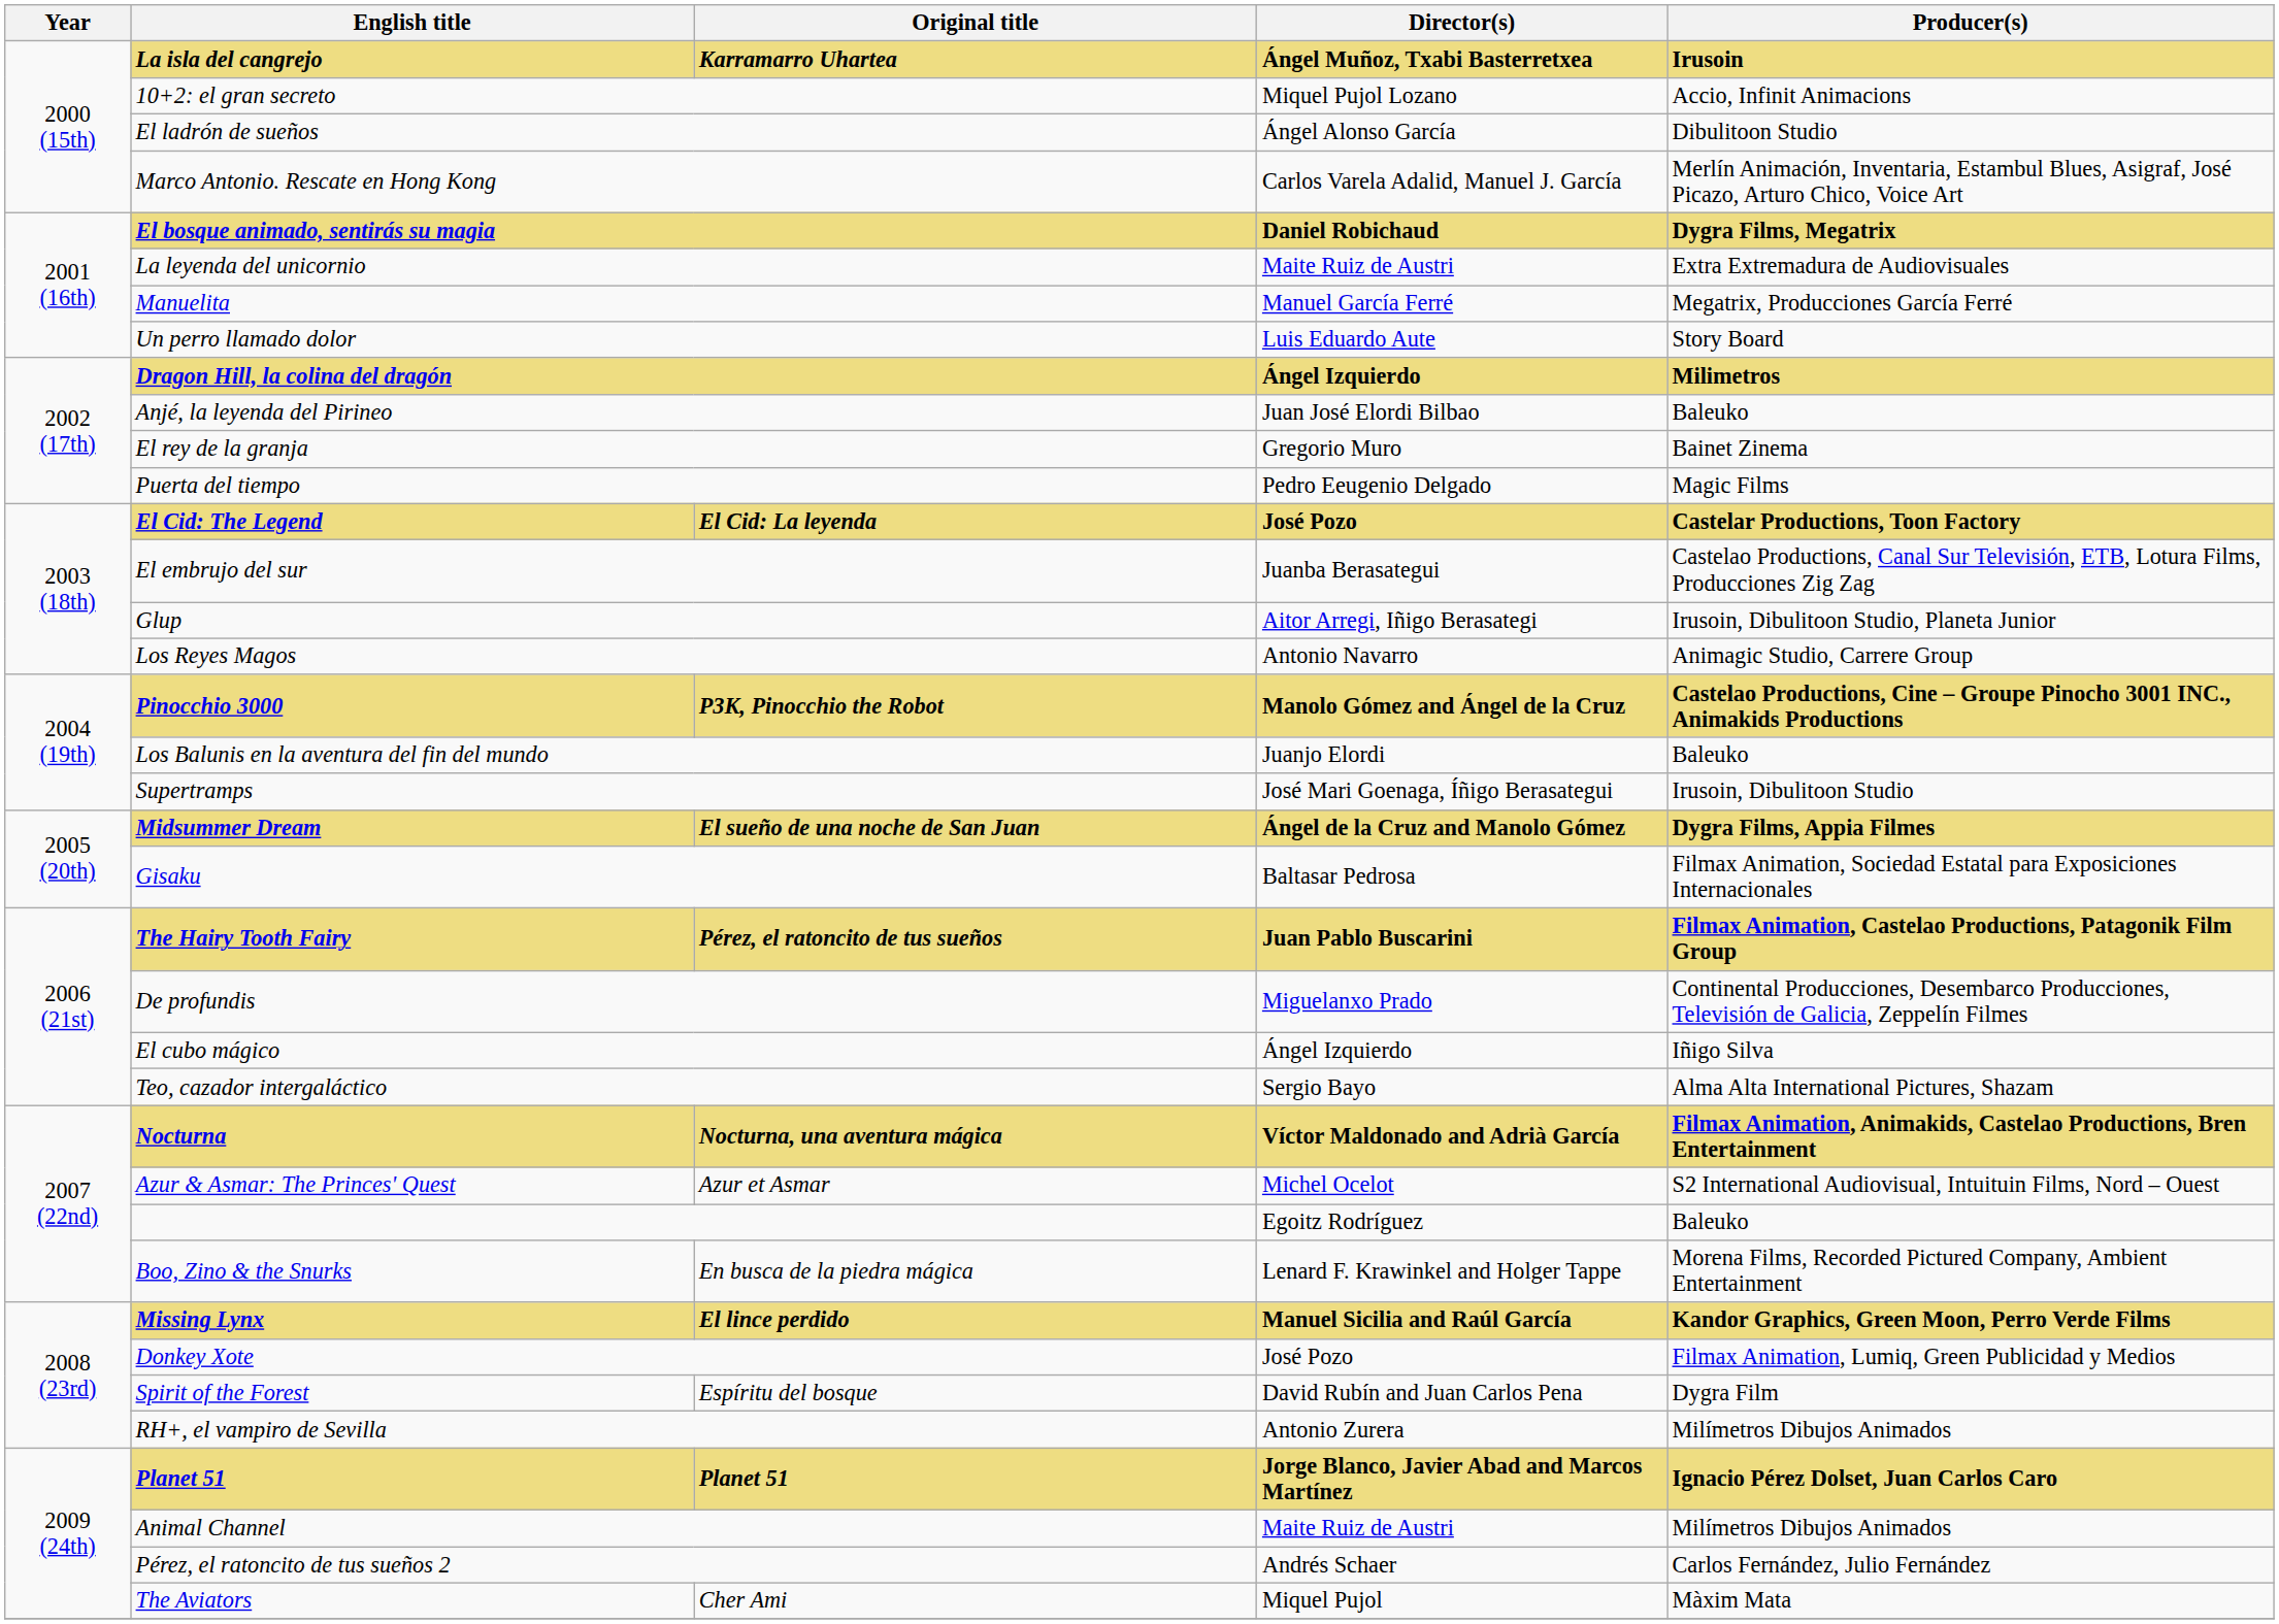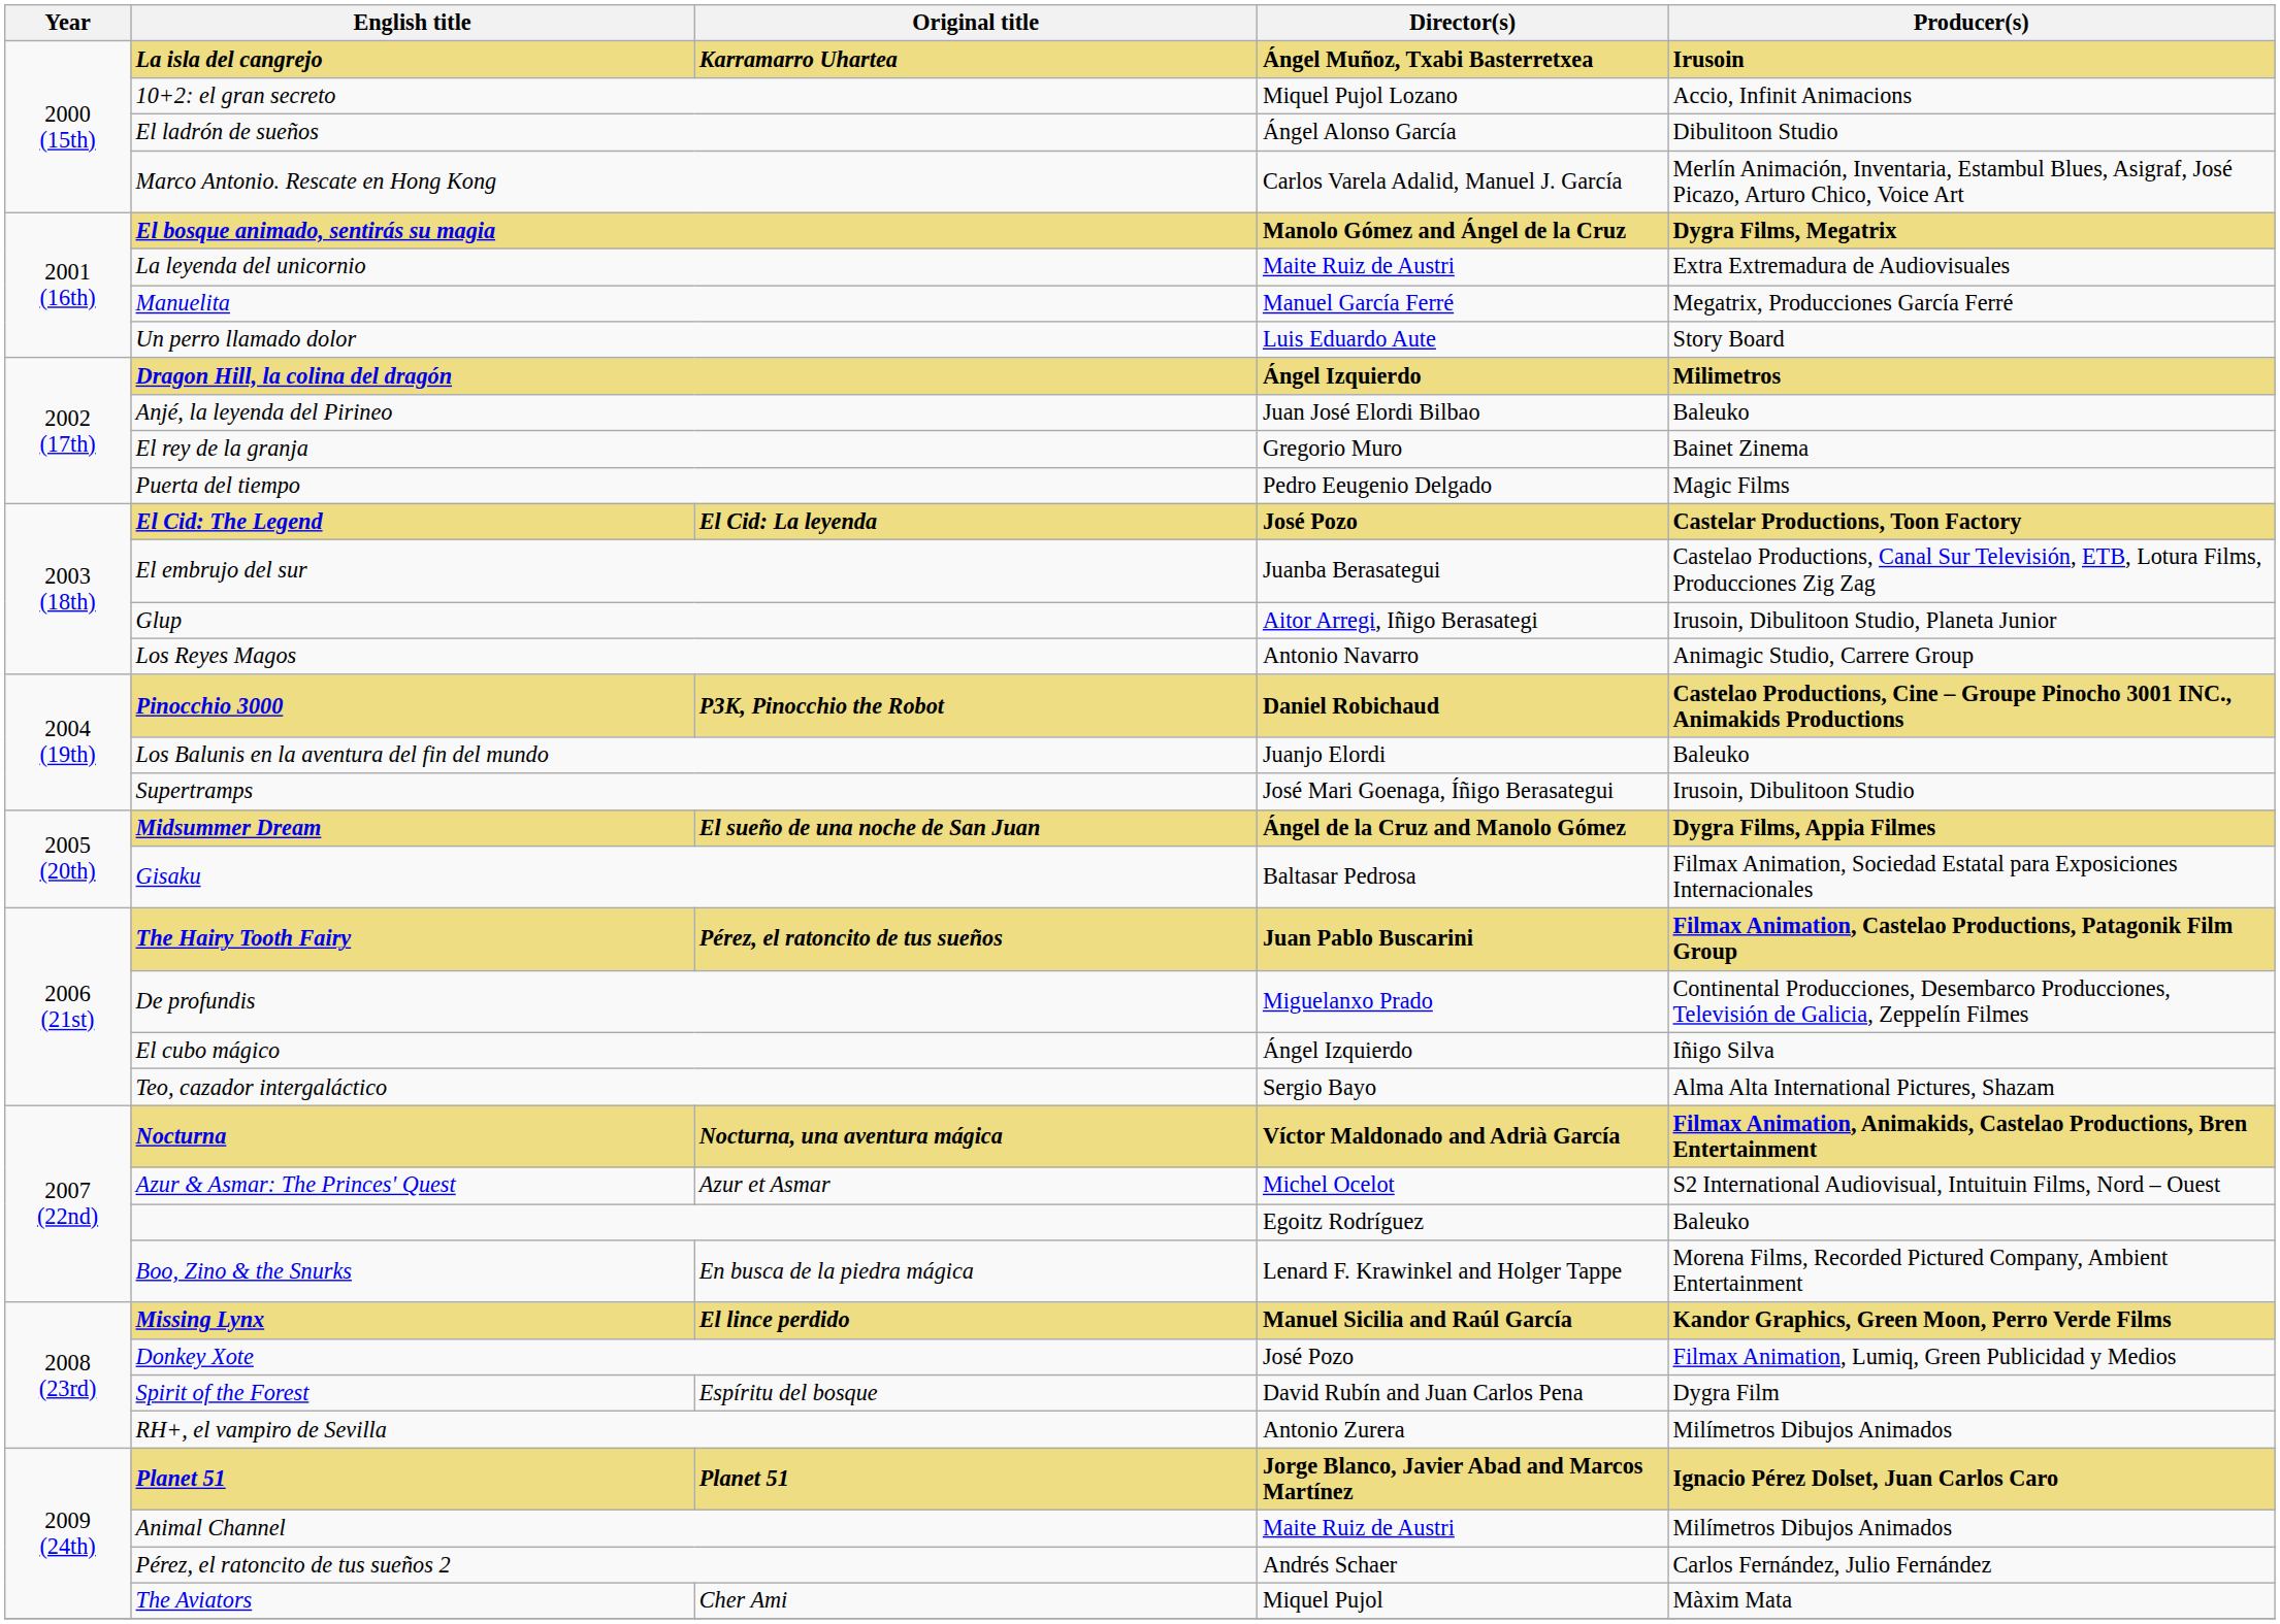 <table class="wikitable sortable" width="100%" cellpadding="5">
 <tr>
 <th width="50">Year</th>
 <th width="250">English title</th>
 <th width="250">Original title</th>
 <th width="180">Director(s)</th>
 <th width="270">Producer(s)</th>
 </tr>
 <tr>
 <td rowspan="4" style="text-align:center;">2000<br><a href='#'>(15th)</a></td>
 <td style="background:#eedd82;"><strong><em>La isla del cangrejo</em></strong></td>
 <td style="background:#eedd82;"><strong><em>Karramarro Uhartea</em></strong></td>
 <td style="background:#eedd82;"><strong>Ángel Muñoz, Txabi Basterretxea</strong></td>
 <td style="background:#eedd82;"><strong>Irusoin</strong></td>
 </tr>
 <tr>
 <td colspan="2"><em>10+2: el gran secreto</em></td>
 <td>Miquel Pujol Lozano</td>
 <td>Accio, Infinit Animacions</td>
 </tr>
 <tr>
 <td colspan="2"><em>El ladrón de sueños</em></td>
 <td>Ángel Alonso García</td>
 <td>Dibulitoon Studio</td>
 </tr>
 <tr>
 <td colspan="2"><em>Marco Antonio. Rescate en Hong Kong</em></td>
 <td>Carlos Varela Adalid, Manuel J. García</td>
 <td>Merlín Animación, Inventaria, Estambul Blues, Asigraf, José Picazo, Arturo Chico, Voice Art</td>
 </tr>
 <tr>
 <td rowspan="4" style="text-align:center;">2001<br><a href='#'>(16th)</a></td>
 <td colspan="2" style="background:#eedd82;"><strong><em><a href='#'>El bosque animado, sentirás su magia</a></em></strong></td>
-<td style="background:#eedd82;"><strong>Daniel Robichaud</strong></td>
+<td style="background:#eedd82;"><strong>Manolo Gómez and Ángel de la Cruz</strong></td>
 <td style="background:#eedd82;"><strong>Dygra Films, Megatrix</strong></td>
 </tr>
 <tr>
 <td colspan="2"><em>La leyenda del unicornio</em></td>
 <td><a href='#'>Maite Ruiz de Austri</a></td>
 <td>Extra Extremadura de Audiovisuales</td>
 </tr>
 <tr>
 <td colspan="2"><em><a href='#'>Manuelita</a></em></td>
 <td><a href='#'>Manuel García Ferré</a></td>
 <td>Megatrix, Producciones García Ferré</td>
 </tr>
 <tr>
 <td colspan="2"><em>Un perro llamado dolor</em></td>
 <td><a href='#'>Luis Eduardo Aute</a></td>
 <td>Story Board</td>
 </tr>
 <tr>
 <td rowspan="4" style="text-align:center;">2002<br><a href='#'>(17th)</a></td>
 <td colspan="2" style="background:#eedd82;"><strong><em><a href='#'>Dragon Hill, la colina del dragón</a></em></strong></td>
 <td style="background:#eedd82;"><strong>Ángel Izquierdo</strong></td>
 <td style="background:#eedd82;"><strong>Milimetros</strong></td>
 </tr>
 <tr>
 <td colspan="2"><em>Anjé, la leyenda del Pirineo</em></td>
 <td>Juan José Elordi Bilbao</td>
 <td>Baleuko</td>
 </tr>
 <tr>
 <td colspan="2"><em>El rey de la granja</em></td>
 <td>Gregorio Muro</td>
 <td>Bainet Zinema</td>
 </tr>
 <tr>
 <td colspan="2"><em>Puerta del tiempo</em></td>
 <td>Pedro Eeugenio Delgado</td>
 <td>Magic Films</td>
 </tr>
 <tr>
 <td rowspan="4" style="text-align:center;">2003<br><a href='#'>(18th)</a></td>
 <td style="background:#eedd82;"><strong><em><a href='#'>El Cid: The Legend</a></em></strong></td>
 <td style="background:#eedd82;"><strong><em>El Cid: La leyenda</em></strong></td>
 <td style="background:#eedd82;"><strong>José Pozo</strong></td>
 <td style="background:#eedd82;"><strong>Castelar Productions, Toon Factory</strong></td>
 </tr>
 <tr>
 <td colspan="2"><em>El embrujo del sur</em></td>
 <td>Juanba Berasategui</td>
 <td>Castelao Productions, <a href='#'>Canal Sur Televisión</a>, <a href='#'>ETB</a>, Lotura Films, Producciones Zig Zag</td>
 </tr>
 <tr>
 <td colspan="2"><em>Glup</em></td>
 <td><a href='#'>Aitor Arregi</a>, Iñigo Berasategi</td>
 <td>Irusoin, Dibulitoon Studio, Planeta Junior</td>
 </tr>
 <tr>
 <td colspan="2"><em>Los Reyes Magos</em></td>
 <td>Antonio Navarro</td>
 <td>Animagic Studio, Carrere Group</td>
 </tr>
 <tr>
 <td rowspan="3" style="text-align:center;">2004<br><a href='#'>(19th)</a></td>
 <td style="background:#eedd82;"><strong><em><a href='#'>Pinocchio 3000</a></em></strong></td>
 <td style="background:#eedd82;"><strong><em>P3K, Pinocchio the Robot</em></strong></td>
-<td style="background:#eedd82;"><strong>Manolo Gómez and Ángel de la Cruz</strong></td>
+<td style="background:#eedd82;"><strong>Daniel Robichaud</strong></td>
 <td style="background:#eedd82;"><strong>Castelao Productions, Cine – Groupe Pinocho 3001 INC., Animakids Productions</strong></td>
 </tr>
 <tr>
 <td colspan="2"><em>Los Balunis en la aventura del fin del mundo</em></td>
 <td>Juanjo Elordi</td>
 <td>Baleuko</td>
 </tr>
 <tr>
 <td colspan="2"><em>Supertramps</em></td>
 <td>José Mari Goenaga, Íñigo Berasategui</td>
 <td>Irusoin, Dibulitoon Studio</td>
 </tr>
 <tr>
 <td rowspan="2" style="text-align:center;">2005<br><a href='#'>(20th)</a></td>
 <td style="background:#eedd82;"><strong><em><a href='#'>Midsummer Dream</a></em></strong></td>
 <td style="background:#eedd82;"><strong><em>El sueño de una noche de San Juan</em></strong></td>
 <td style="background:#eedd82;"><strong>Ángel de la Cruz and Manolo Gómez</strong></td>
 <td style="background:#eedd82;"><strong>Dygra Films, Appia Filmes</strong></td>
 </tr>
 <tr>
 <td colspan="2"><em><a href='#'>Gisaku</a></em></td>
 <td>Baltasar Pedrosa</td>
 <td>Filmax Animation, Sociedad Estatal para Exposiciones Internacionales</td>
 </tr>
 <tr>
 <td rowspan="4" style="text-align:center;">2006<br><a href='#'>(21st)</a></td>
 <td style="background:#eedd82;"><strong><em><a href='#'>The Hairy Tooth Fairy</a></em></strong></td>
 <td style="background:#eedd82;"><strong><em>Pérez, el ratoncito de tus sueños</em></strong></td>
 <td style="background:#eedd82;"><strong>Juan Pablo Buscarini</strong></td>
 <td style="background:#eedd82;"><strong><a href='#'>Filmax Animation</a>, Castelao Productions, Patagonik Film Group</strong></td>
 </tr>
 <tr>
 <td colspan="2"><em>De profundis</em></td>
 <td><a href='#'>Miguelanxo Prado</a></td>
 <td>Continental Producciones, Desembarco Producciones, <a href='#'>Televisión de Galicia</a>, Zeppelín Filmes</td>
 </tr>
 <tr>
 <td colspan="2"><em>El cubo mágico</em></td>
 <td>Ángel Izquierdo</td>
 <td>Iñigo Silva</td>
 </tr>
 <tr>
 <td colspan="2"><em>Teo, cazador intergaláctico</em></td>
 <td>Sergio Bayo</td>
 <td>Alma Alta International Pictures, Shazam</td>
 </tr>
 <tr>
 <td rowspan="4" style="text-align:center;">2007<br><a href='#'>(22nd)</a></td>
 <td style="background:#eedd82;"><strong><em><a href='#'>Nocturna</a></em></strong></td>
 <td style="background:#eedd82;"><strong><em>Nocturna, una aventura mágica</em></strong></td>
 <td style="background:#eedd82;"><strong>Víctor Maldonado and Adrià García</strong></td>
 <td style="background:#eedd82;"><strong><a href='#'>Filmax Animation</a>, Animakids, Castelao Productions, Bren Entertainment</strong></td>
 </tr>
 <tr>
 <td><em> <a href='#'>Azur & Asmar: The Princes' Quest</a></em></td>
 <td><em>Azur et Asmar</em></td>
 <td><a href='#'>Michel Ocelot</a></td>
 <td>S2 International Audiovisual, Intuituin Films, Nord – Ouest</td>
 </tr>
 <tr>
 <td colspan="2"><em></em></td>
 <td>Egoitz Rodríguez</td>
 <td>Baleuko</td>
 </tr>
 <tr>
 <td><em><a href='#'>Boo, Zino & the Snurks</a></em></td>
 <td><em>En busca de la piedra mágica</em></td>
 <td>Lenard F. Krawinkel and Holger Tappe</td>
 <td>Morena Films, Recorded Pictured Company, Ambient Entertainment</td>
 </tr>
 <tr>
 <td rowspan="4" style="text-align:center;">2008<br><a href='#'>(23rd)</a></td>
 <td style="background:#eedd82;"><strong><em><a href='#'>Missing Lynx</a></em></strong></td>
 <td style="background:#eedd82;"><strong><em>El lince perdido</em></strong></td>
 <td style="background:#eedd82;"><strong>Manuel Sicilia and Raúl García</strong></td>
 <td style="background:#eedd82;"><strong>Kandor Graphics, Green Moon, Perro Verde Films</strong></td>
 </tr>
 <tr>
 <td colspan="2"><em><a href='#'>Donkey Xote</a></em></td>
 <td>José Pozo</td>
 <td><a href='#'>Filmax Animation</a>, Lumiq, Green Publicidad y Medios</td>
 </tr>
 <tr>
 <td><em><a href='#'>Spirit of the Forest</a></em></td>
 <td><em>Espíritu del bosque</em></td>
 <td>David Rubín and Juan Carlos Pena</td>
 <td>Dygra Film</td>
 </tr>
 <tr>
 <td colspan="2"><em>RH+, el vampiro de Sevilla</em></td>
 <td>Antonio Zurera</td>
 <td>Milímetros Dibujos Animados</td>
 </tr>
 <tr>
 <td rowspan="4" style="text-align:center;">2009<br><a href='#'>(24th)</a></td>
 <td style="background:#eedd82;"><strong><em><a href='#'>Planet 51</a></em></strong></td>
 <td style="background:#eedd82;"><strong><em>Planet 51</em></strong></td>
 <td style="background:#eedd82;"><strong>Jorge Blanco, Javier Abad and Marcos Martínez</strong></td>
 <td style="background:#eedd82;"><strong>Ignacio Pérez Dolset, Juan Carlos Caro</strong></td>
 </tr>
 <tr>
 <td colspan="2"><em>Animal Channel</em></td>
 <td><a href='#'>Maite Ruiz de Austri</a></td>
 <td>Milímetros Dibujos Animados</td>
 </tr>
 <tr>
 <td colspan="2"><em>Pérez, el ratoncito de tus sueños 2</em></td>
 <td>Andrés Schaer</td>
 <td>Carlos Fernández, Julio Fernández</td>
 </tr>
 <tr>
 <td><em><a href='#'>The Aviators</a></em></td>
 <td><em>Cher Ami</em></td>
 <td>Miquel Pujol</td>
 <td>Màxim Mata</td>
 </tr>
 <tr>
 </tr>
 </table>
